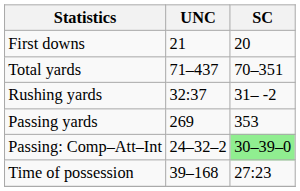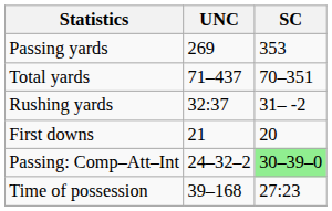 <table class="wikitable" style="float: left;">
 <tr>
 <th>Statistics</th>
 <th>UNC</th>
 <th>SC</th>
 </tr>
 <tr>
-<td>First downs</td>
-<td>21</td>
-<td>20</td>
+<td>Passing yards</td>
+<td>269</td>
+<td>353</td>
 </tr>
 <tr>
 <td>Total yards</td>
 <td>71–437</td>
 <td>70–351</td>
 </tr>
 <tr>
 <td>Rushing yards</td>
 <td>32:37</td>
 <td>31– -2</td>
 </tr>
 <tr>
-<td>Passing yards</td>
-<td>269</td>
-<td>353</td>
+<td>First downs</td>
+<td>21</td>
+<td>20</td>
 </tr>
 <tr>
 <td>Passing: Comp–Att–Int</td>
 <td>24–32–2</td>
 <td style="background: lightgreen;">30–39–0</td>
 </tr>
 <tr>
 <td>Time of possession</td>
 <td>39–168</td>
 <td>27:23</td>
 </tr>
 <tr>
 </tr>
 </table>
